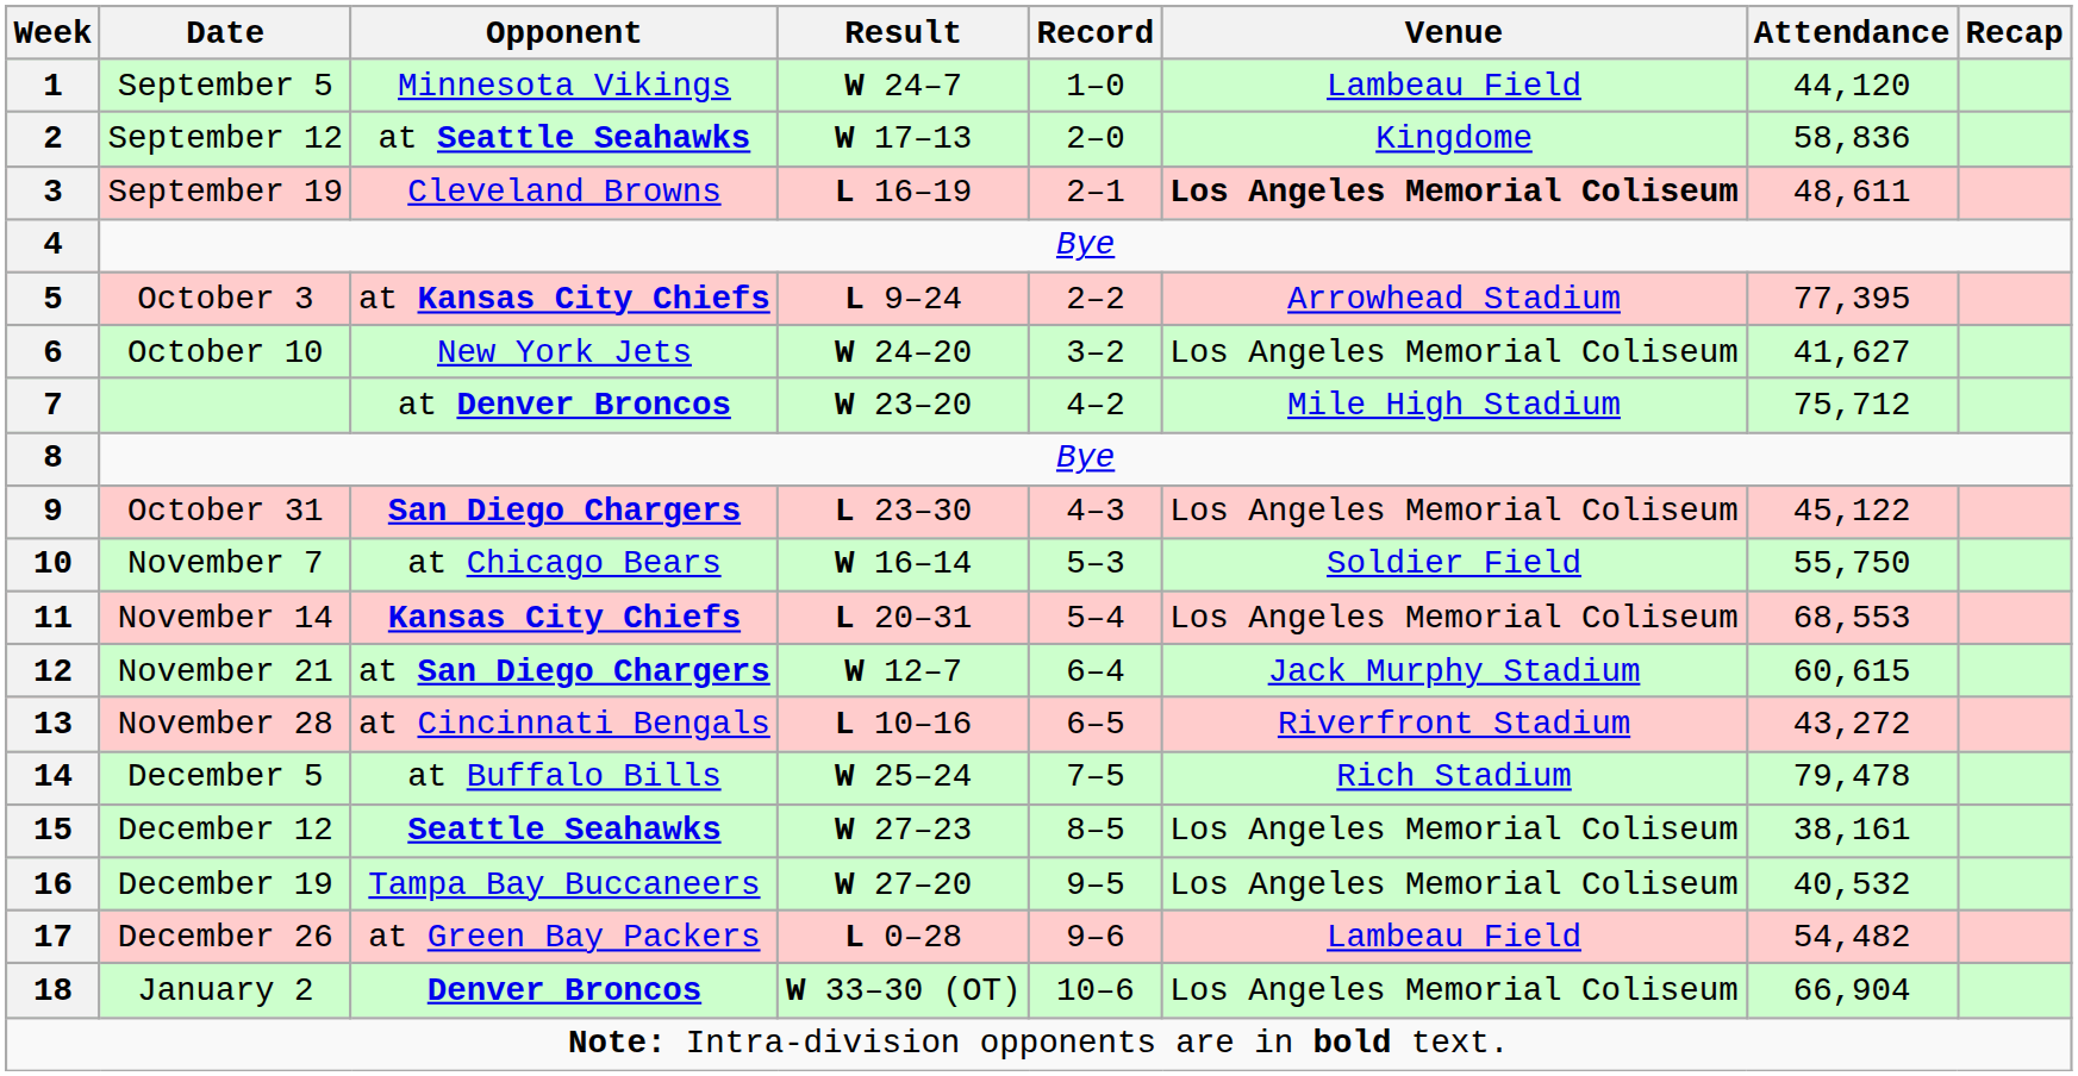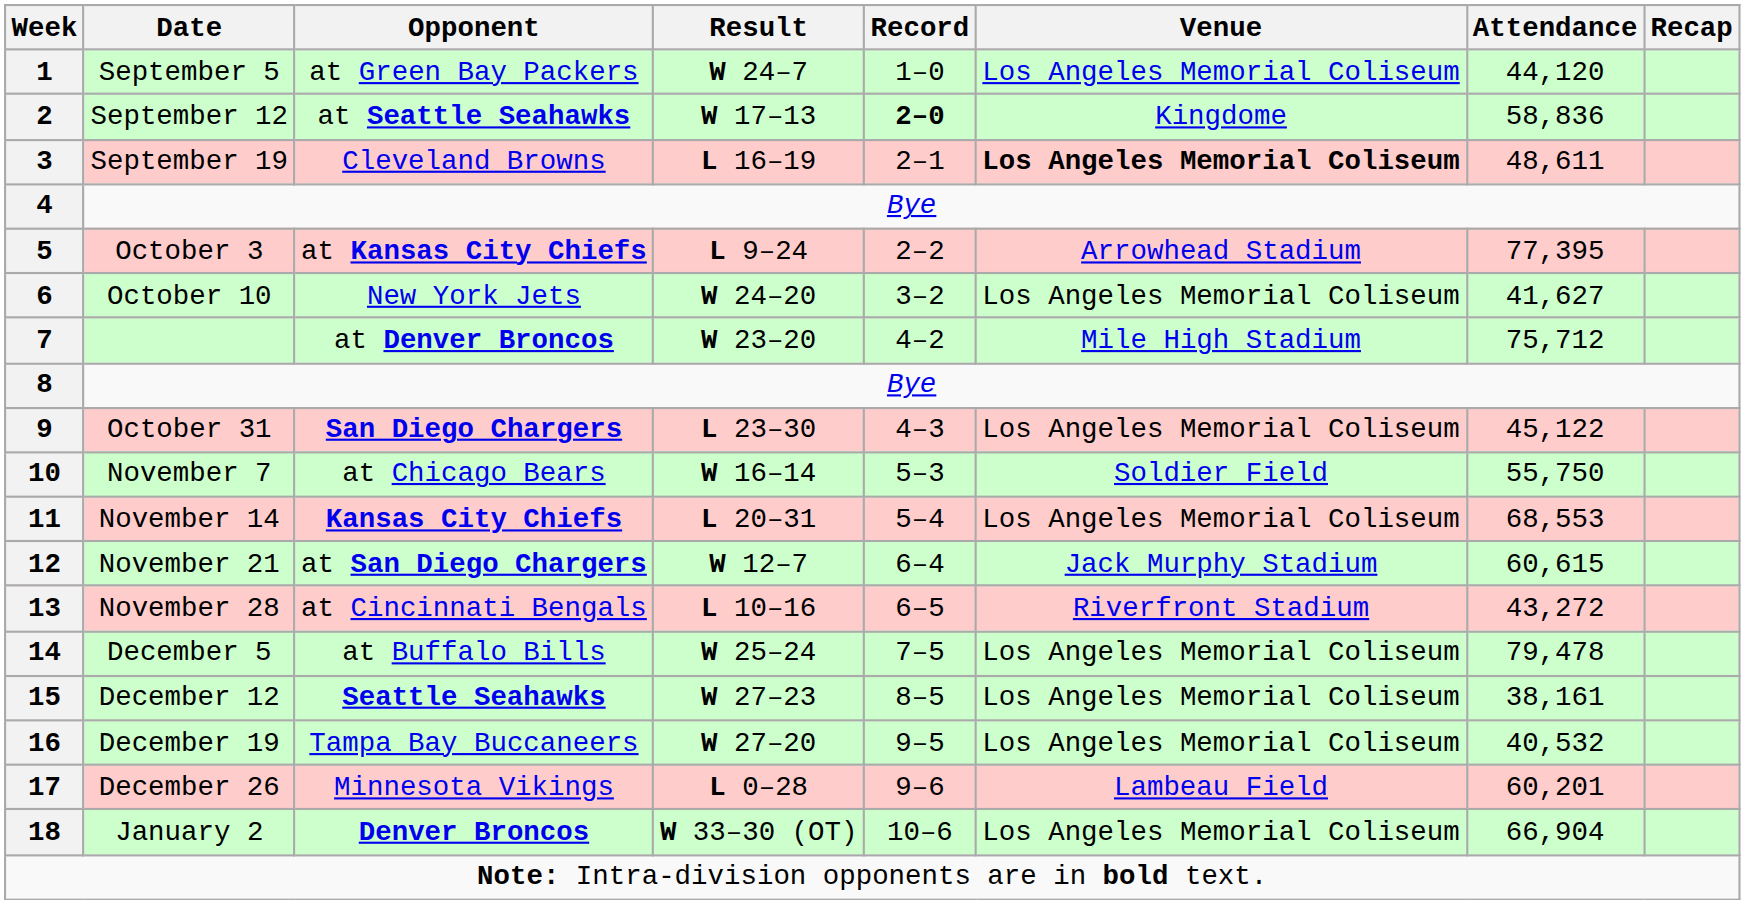 <table class="wikitable" style="text-align:center">
 <tr>
 <th>Week</th>
 <th>Date</th>
 <th>Opponent</th>
 <th>Result</th>
 <th>Record</th>
 <th>Venue</th>
 <th>Attendance</th>
 <th>Recap</th>
 </tr>
 <tr style="background: #cfc;">
 <th>1</th>
 <td>September 5</td>
-<td><a href='#'>Minnesota Vikings</a></td>
+<td>at <a href='#'>Green Bay Packers</a></td>
 <td><strong>W</strong> 24–7</td>
 <td>1–0</td>
-<td><a href='#'>Lambeau Field</a></td>
+<td><a href='#'>Los Angeles Memorial Coliseum</a></td>
 <td>44,120</td>
 <td></td>
 </tr>
 <tr style="background: #cfc;">
 <th>2</th>
 <td>September 12</td>
 <td>at <strong><a href='#'>Seattle Seahawks</a></strong></td>
 <td><strong>W</strong> 17–13</td>
-<td>2–0</td>
+<td><strong>2–0</strong></td>
 <td><a href='#'>Kingdome</a></td>
 <td>58,836</td>
 <td></td>
 </tr>
 <tr style="background: #fcc;">
 <th>3</th>
 <td>September 19</td>
 <td><a href='#'>Cleveland Browns</a></td>
 <td><strong>L</strong> 16–19</td>
 <td>2–1</td>
 <td><strong>Los Angeles Memorial Coliseum</strong></td>
 <td>48,611</td>
 <td></td>
 </tr>
 <tr>
 <th>4</th>
 <td colspan="7"><em><a href='#'>Bye</a></em></td>
 </tr>
 <tr style="background: #fcc;">
 <th>5</th>
 <td>October 3</td>
 <td>at <strong><a href='#'>Kansas City Chiefs</a></strong></td>
 <td><strong>L</strong> 9–24</td>
 <td>2–2</td>
 <td><a href='#'>Arrowhead Stadium</a></td>
 <td>77,395</td>
 <td></td>
 </tr>
 <tr style="background: #cfc;">
 <th>6</th>
 <td>October 10</td>
 <td><a href='#'>New York Jets</a></td>
 <td><strong>W</strong> 24–20</td>
 <td>3–2</td>
 <td>Los Angeles Memorial Coliseum</td>
 <td>41,627</td>
 <td></td>
 </tr>
 <tr style="background: #cfc;">
 <th>7</th>
 <td></td>
 <td>at <strong><a href='#'>Denver Broncos</a></strong></td>
 <td><strong>W</strong> 23–20</td>
 <td>4–2</td>
 <td><a href='#'>Mile High Stadium</a></td>
 <td>75,712</td>
 <td></td>
 </tr>
 <tr>
 <th>8</th>
 <td colspan="7"><em><a href='#'>Bye</a></em></td>
 </tr>
 <tr style="background: #fcc;">
 <th>9</th>
 <td>October 31</td>
 <td><strong><a href='#'>San Diego Chargers</a></strong></td>
 <td><strong>L</strong> 23–30</td>
 <td>4–3</td>
 <td>Los Angeles Memorial Coliseum</td>
 <td>45,122</td>
 <td></td>
 </tr>
 <tr style="background: #cfc;">
 <th>10</th>
 <td>November 7</td>
 <td>at <a href='#'>Chicago Bears</a></td>
 <td><strong>W</strong> 16–14</td>
 <td>5–3</td>
 <td><a href='#'>Soldier Field</a></td>
 <td>55,750</td>
 <td></td>
 </tr>
 <tr style="background: #fcc;">
 <th>11</th>
 <td>November 14</td>
 <td><strong><a href='#'>Kansas City Chiefs</a></strong></td>
 <td><strong>L</strong> 20–31</td>
 <td>5–4</td>
 <td>Los Angeles Memorial Coliseum</td>
 <td>68,553</td>
 <td></td>
 </tr>
 <tr style="background: #cfc;">
 <th>12</th>
 <td>November 21</td>
 <td>at <strong><a href='#'>San Diego Chargers</a></strong></td>
 <td><strong>W</strong> 12–7</td>
 <td>6–4</td>
 <td><a href='#'>Jack Murphy Stadium</a></td>
 <td>60,615</td>
 <td></td>
 </tr>
 <tr style="background: #fcc;">
 <th>13</th>
 <td>November 28</td>
 <td>at <a href='#'>Cincinnati Bengals</a></td>
 <td><strong>L</strong> 10–16</td>
 <td>6–5</td>
 <td><a href='#'>Riverfront Stadium</a></td>
 <td>43,272</td>
 <td></td>
 </tr>
 <tr style="background: #cfc;">
 <th>14</th>
 <td>December 5</td>
 <td>at <a href='#'>Buffalo Bills</a></td>
 <td><strong>W</strong> 25–24</td>
 <td>7–5</td>
-<td><a href='#'>Rich Stadium</a></td>
+<td>Los Angeles Memorial Coliseum</td>
 <td>79,478</td>
 <td></td>
 </tr>
 <tr style="background: #cfc;">
 <th>15</th>
 <td>December 12</td>
 <td><strong><a href='#'>Seattle Seahawks</a></strong></td>
 <td><strong>W</strong> 27–23</td>
 <td>8–5</td>
 <td>Los Angeles Memorial Coliseum</td>
 <td>38,161</td>
 <td></td>
 </tr>
 <tr style="background: #cfc;">
 <th>16</th>
 <td>December 19</td>
 <td><a href='#'>Tampa Bay Buccaneers</a></td>
 <td><strong>W</strong> 27–20</td>
 <td>9–5</td>
 <td>Los Angeles Memorial Coliseum</td>
 <td>40,532</td>
 <td></td>
 </tr>
 <tr style="background: #fcc;">
 <th>17</th>
 <td>December 26</td>
-<td>at <a href='#'>Green Bay Packers</a></td>
+<td><a href='#'>Minnesota Vikings</a></td>
 <td><strong>L</strong> 0–28</td>
 <td>9–6</td>
 <td><a href='#'>Lambeau Field</a></td>
-<td>54,482</td>
+<td>60,201</td>
 <td></td>
 </tr>
 <tr style="background: #cfc;">
 <th>18</th>
 <td>January 2</td>
 <td><strong><a href='#'>Denver Broncos</a></strong></td>
 <td><strong>W</strong> 33–30 (OT)</td>
 <td>10–6</td>
 <td>Los Angeles Memorial Coliseum</td>
 <td>66,904</td>
 <td></td>
 </tr>
 <tr>
 <td colspan="8"><strong>Note:</strong> Intra-division opponents are in <strong>bold</strong> text.</td>
 </tr>
 </table>
